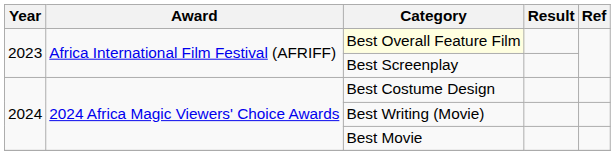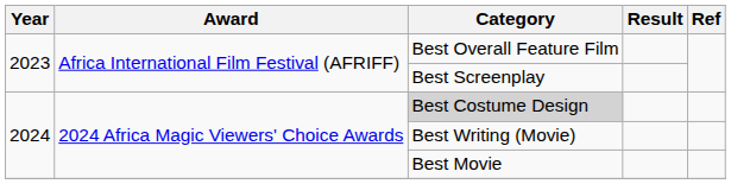 <table class="wikitable">
 <tr>
 <th>Year</th>
 <th>Award</th>
 <th>Category</th>
 <th>Result</th>
 <th>Ref</th>
 </tr>
 <tr>
 <td rowspan="2">2023</td>
 <td rowspan="2"><a href='#'>Africa International Film Festival</a> (AFRIFF)</td>
-<td style="background: lightyellow;">Best Overall Feature Film</td>
+<td>Best Overall Feature Film</td>
 <td></td>
 <td rowspan="2"></td>
 </tr>
 <tr>
 <td>Best Screenplay</td>
 <td></td>
 </tr>
 <tr>
 <td rowspan="3">2024</td>
 <td rowspan="3"><a href='#'>2024 Africa Magic Viewers' Choice Awards</a></td>
-<td>Best Costume Design</td>
+<td style="background: lightgrey;">Best Costume Design</td>
 <td></td>
 <td></td>
 </tr>
 <tr>
 <td>Best Writing (Movie)</td>
 <td></td>
 <td></td>
 </tr>
 <tr>
 <td>Best Movie</td>
 <td></td>
 <td></td>
 </tr>
 <tr>
 </tr>
 </table>
